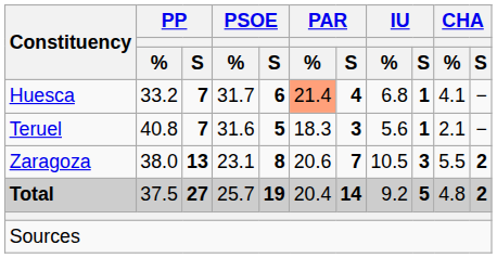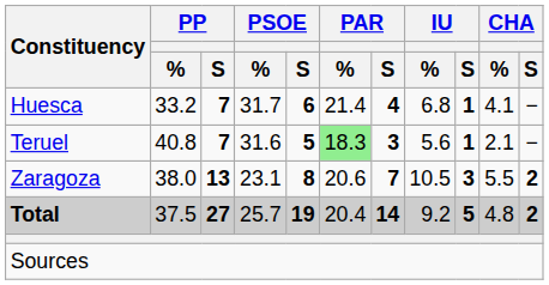 <table class="wikitable sortable" style="text-align:right; line-height:20px;">
 <tr>
 <th rowspan="3">Constituency</th>
 <th colspan="2" width="30px" class="unsortable"><a href='#'>PP</a></th>
 <th colspan="2" width="30px" class="unsortable"><a href='#'>PSOE</a></th>
 <th colspan="2" width="30px" class="unsortable"><a href='#'>PAR</a></th>
 <th colspan="2" width="30px" class="unsortable"><a href='#'>IU</a></th>
 <th colspan="2" width="30px" class="unsortable"><a href='#'>CHA</a></th>
 </tr>
 <tr>
 <th colspan="2" style="background:"></th>
 <th colspan="2" style="background:"></th>
 <th colspan="2" style="background:"></th>
 <th colspan="2" style="background:"></th>
 <th colspan="2" style="background:"></th>
 </tr>
 <tr>
 <th data-sort-type="number">%</th>
 <th data-sort-type="number">S</th>
 <th data-sort-type="number">%</th>
 <th data-sort-type="number">S</th>
 <th data-sort-type="number">%</th>
 <th data-sort-type="number">S</th>
 <th data-sort-type="number">%</th>
 <th data-sort-type="number">S</th>
 <th data-sort-type="number">%</th>
 <th data-sort-type="number">S</th>
 </tr>
 <tr>
 <td align="left"><a href='#'>Huesca</a></td>
 <td style="background:">33.2</td>
 <td><strong>7</strong></td>
 <td>31.7</td>
 <td><strong>6</strong></td>
-<td style="background: lightsalmon;">21.4</td>
+<td>21.4</td>
 <td><strong>4</strong></td>
 <td>6.8</td>
 <td><strong>1</strong></td>
 <td>4.1</td>
 <td>−</td>
 </tr>
 <tr>
 <td align="left"><a href='#'>Teruel</a></td>
 <td style="background:">40.8</td>
 <td><strong>7</strong></td>
 <td>31.6</td>
 <td><strong>5</strong></td>
-<td>18.3</td>
+<td style="background: lightgreen;">18.3</td>
 <td><strong>3</strong></td>
 <td>5.6</td>
 <td><strong>1</strong></td>
 <td>2.1</td>
 <td>−</td>
 </tr>
 <tr>
 <td align="left"><a href='#'>Zaragoza</a></td>
 <td style="background:">38.0</td>
 <td><strong>13</strong></td>
 <td>23.1</td>
 <td><strong>8</strong></td>
 <td>20.6</td>
 <td><strong>7</strong></td>
 <td>10.5</td>
 <td><strong>3</strong></td>
 <td>5.5</td>
 <td><strong>2</strong></td>
 </tr>
 <tr style="background:#CDCDCD;">
 <td align="left"><strong>Total</strong></td>
 <td style="background:">37.5</td>
 <td><strong>27</strong></td>
 <td>25.7</td>
 <td><strong>19</strong></td>
 <td>20.4</td>
 <td><strong>14</strong></td>
 <td>9.2</td>
 <td><strong>5</strong></td>
 <td>4.8</td>
 <td><strong>2</strong></td>
 </tr>
 <tr>
 <th colspan="11"></th>
 </tr>
 <tr>
 <th style="text-align:left; font-weight:normal; background:#F9F9F9" colspan="11">Sources</th>
 </tr>
 </table>
